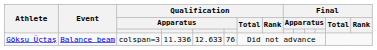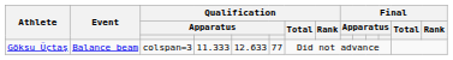 <table class="wikitable" style="font-size:90%">
 <tr>
 <th rowspan=3>Athlete</th>
 <th rowspan=3>Event</th>
 <th colspan =6>Qualification</th>
 <th colspan =6>Final</th>
 </tr>
 <tr style="font-size:95%">
 <th colspan=4>Apparatus</th>
 <th rowspan=2>Total</th>
 <th rowspan=2>Rank</th>
 <th colspan=4>Apparatus</th>
 <th rowspan=2>Total</th>
 <th rowspan=2>Rank</th>
 </tr>
 <tr style="font-size:95%">
 <th></th>
 <th></th>
 <th></th>
 <th></th>
 <th></th>
 <th></th>
 <th></th>
 <th></th>
 </tr>
 <tr align=center>
 <td align=left><a href='#'>Göksu Üçtaş</a></td>
 <td align=left><a href='#'>Balance beam</a></td>
 <td>colspan=3 </td>
-<td>11.336</td>
+<td>11.333</td>
 <td>12.633</td>
-<td>76</td>
+<td>77</td>
 <td colspan=6>Did not advance</td>
 </tr>
 </table>
